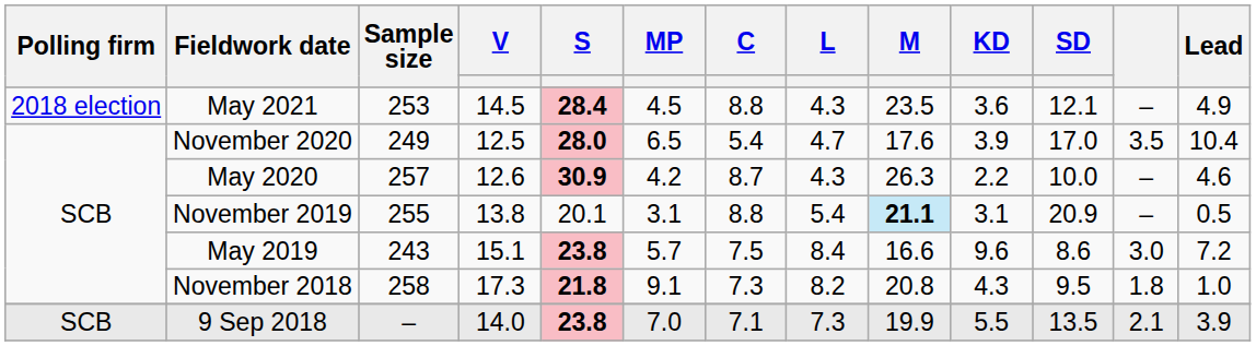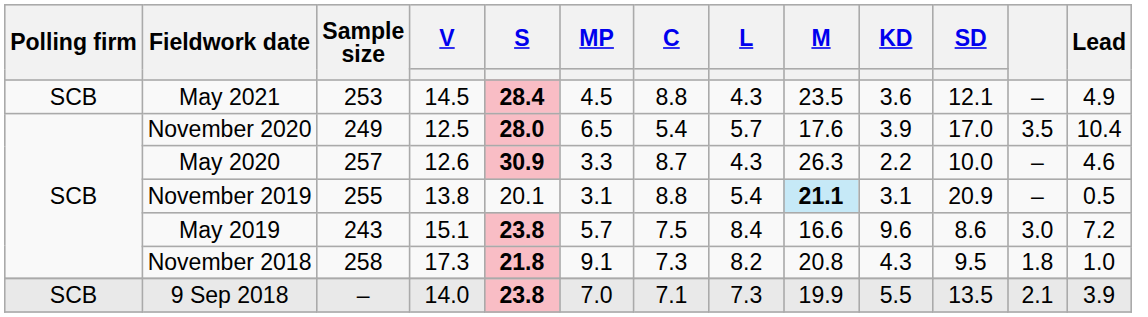 <table class="wikitable sortable" style="text-align:center;font-size:90%;line-height:14px;">
 <tr style="height:40px;">
 <th rowspan="2">Polling firm</th>
 <th rowspan="2">Fieldwork date</th>
 <th rowspan="2">Sample<br>size</th>
 <th class="sortable" style="width:40px;"><a href='#'>V</a></th>
 <th class="sortable" style="width:40px;"><a href='#'>S</a></th>
 <th class="sortable" style="width:40px;"><a href='#'>MP</a></th>
 <th class="sortable" style="width:40px;"><a href='#'>C</a></th>
 <th class="sortable" style="width:40px;"><a href='#'>L</a></th>
 <th class="sortable" style="width:40px;"><a href='#'>M</a></th>
 <th class="sortable" style="width:40px;"><a href='#'>KD</a></th>
 <th class="sortable" style="width:40px;"><a href='#'>SD</a></th>
 <th class="sortable" style="width:30px;" rowspan="2"></th>
 <th style="width:30px;" rowspan="2">Lead</th>
 </tr>
 <tr>
 <th style="background:"></th>
 <th style="background:"></th>
 <th style="background:"></th>
 <th style="background:"></th>
 <th style="background:"></th>
 <th style="background:"></th>
 <th style="background:"></th>
 <th style="background:"></th>
 </tr>
 <tr>
-<td><a href='#'>2018 election</a></td>
+<td>SCB</td>
 <td>May 2021</td>
 <td>253</td>
 <td>14.5</td>
 <td style="background:#F9BDC5;"><strong>28.4</strong></td>
 <td>4.5</td>
 <td>8.8</td>
 <td>4.3</td>
 <td>23.5</td>
 <td>3.6</td>
 <td>12.1</td>
 <td>–</td>
 <td style="background:">4.9</td>
 </tr>
 <tr>
 <td rowspan="5">SCB</td>
 <td>November 2020</td>
 <td>249</td>
 <td>12.5</td>
 <td style="background:#F9BDC5;"><strong>28.0</strong></td>
 <td>6.5</td>
 <td>5.4</td>
-<td>4.7</td>
+<td>5.7</td>
 <td>17.6</td>
 <td>3.9</td>
 <td>17.0</td>
 <td>3.5</td>
 <td style="background:">10.4</td>
 </tr>
 <tr>
 <td>May 2020</td>
 <td>257</td>
 <td>12.6</td>
 <td style="background:#F9BDC5;"><strong>30.9</strong></td>
-<td>4.2</td>
+<td>3.3</td>
 <td>8.7</td>
 <td>4.3</td>
 <td>26.3</td>
 <td>2.2</td>
 <td>10.0</td>
 <td>–</td>
 <td style="background:">4.6</td>
 </tr>
 <tr>
 <td>November 2019</td>
 <td>255</td>
 <td>13.8</td>
 <td>20.1</td>
 <td>3.1</td>
 <td>8.8</td>
 <td>5.4</td>
 <td style="background:#C6E9F7;"><strong>21.1</strong></td>
 <td>3.1</td>
 <td>20.9</td>
 <td>–</td>
 <td style="background:">0.5</td>
 </tr>
 <tr>
 <td>May 2019</td>
 <td>243</td>
 <td>15.1</td>
 <td style="background:#F9BDC5;"><strong>23.8</strong></td>
 <td>5.7</td>
 <td>7.5</td>
 <td>8.4</td>
 <td>16.6</td>
 <td>9.6</td>
 <td>8.6</td>
 <td>3.0</td>
 <td style="background:">7.2</td>
 </tr>
 <tr>
 <td>November 2018</td>
 <td>258</td>
 <td>17.3</td>
 <td style="background:#F9BDC5;"><strong>21.8</strong></td>
 <td>9.1</td>
 <td>7.3</td>
 <td>8.2</td>
 <td>20.8</td>
 <td>4.3</td>
 <td>9.5</td>
 <td>1.8</td>
 <td style="background:">1.0</td>
 </tr>
 <tr>
 </tr>
 <tr style="background:#E9E9E9;">
 <td>SCB</td>
 <td data-sort-value="2018-09-09">9 Sep 2018</td>
 <td>–</td>
 <td>14.0</td>
 <td style="background:#F9BDC5;"><strong>23.8</strong></td>
 <td>7.0</td>
 <td>7.1</td>
 <td>7.3</td>
 <td>19.9</td>
 <td>5.5</td>
 <td>13.5</td>
 <td>2.1</td>
 <td style="background:">3.9</td>
 </tr>
 </table>
